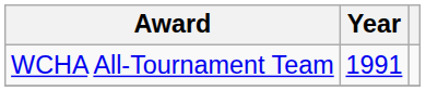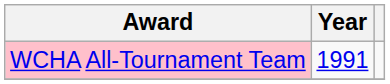 <table class="wikitable">
 <tr>
 <th>Award</th>
 <th>Year</th>
 <th></th>
 </tr>
 <tr>
-<td><a href='#'>WCHA</a> <a href='#'>All-Tournament Team</a></td>
+<td style="background: pink;"><a href='#'>WCHA</a> <a href='#'>All-Tournament Team</a></td>
 <td><a href='#'>1991</a></td>
 <td></td>
 </tr>
 <tr>
 </tr>
 </table>
